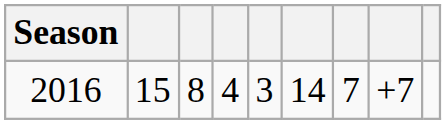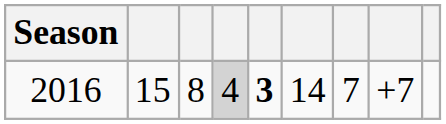 <table class="wikitable" style="text-align:center;">
 <tr>
 <th>Season</th>
 <th></th>
 <th></th>
 <th></th>
 <th></th>
 <th></th>
 <th></th>
 <th></th>
 <th></th>
 </tr>
 <tr>
 <td>2016</td>
 <td>15</td>
 <td>8</td>
-<td>4</td>
-<td>3</td>
+<td style="background: lightgrey;">4</td>
+<td><strong>3</strong></td>
 <td>14</td>
 <td>7</td>
 <td>+7</td>
 <td></td>
 </tr>
 </table>
